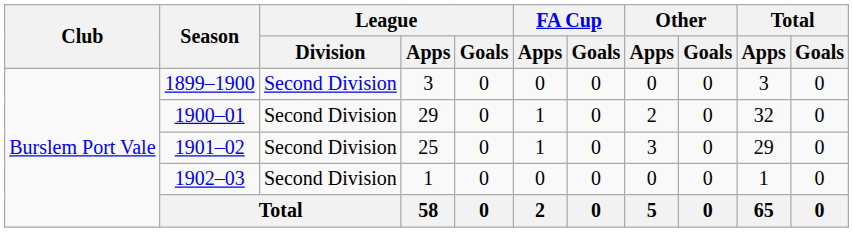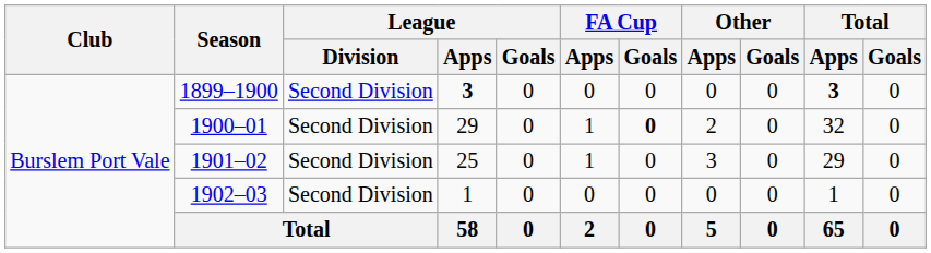 <table class="wikitable" style="text-align:center">
 <tr>
 <th rowspan="2">Club</th>
 <th rowspan="2">Season</th>
 <th colspan="3">League</th>
 <th colspan="2"><a href='#'>FA Cup</a></th>
 <th colspan="2">Other</th>
 <th colspan="2">Total</th>
 </tr>
 <tr>
 <th>Division</th>
 <th>Apps</th>
 <th>Goals</th>
 <th>Apps</th>
 <th>Goals</th>
 <th>Apps</th>
 <th>Goals</th>
 <th>Apps</th>
 <th>Goals</th>
 </tr>
 <tr>
 <td rowspan="5"><a href='#'>Burslem Port Vale</a></td>
 <td><a href='#'>1899–1900</a></td>
 <td><a href='#'>Second Division</a></td>
-<td>3</td>
+<td><strong>3</strong></td>
 <td>0</td>
 <td>0</td>
 <td>0</td>
 <td>0</td>
 <td>0</td>
-<td>3</td>
+<td><strong>3</strong></td>
 <td>0</td>
 </tr>
 <tr>
 <td><a href='#'>1900–01</a></td>
 <td>Second Division</td>
 <td>29</td>
 <td>0</td>
 <td>1</td>
-<td>0</td>
+<td><strong>0</strong></td>
 <td>2</td>
 <td>0</td>
 <td>32</td>
 <td>0</td>
 </tr>
 <tr>
 <td><a href='#'>1901–02</a></td>
 <td>Second Division</td>
 <td>25</td>
 <td>0</td>
 <td>1</td>
 <td>0</td>
 <td>3</td>
 <td>0</td>
 <td>29</td>
 <td>0</td>
 </tr>
 <tr>
 <td><a href='#'>1902–03</a></td>
 <td>Second Division</td>
 <td>1</td>
 <td>0</td>
 <td>0</td>
 <td>0</td>
 <td>0</td>
 <td>0</td>
 <td>1</td>
 <td>0</td>
 </tr>
 <tr>
 <th colspan="2">Total</th>
 <th>58</th>
 <th>0</th>
 <th>2</th>
 <th>0</th>
 <th>5</th>
 <th>0</th>
 <th>65</th>
 <th>0</th>
 </tr>
 </table>
